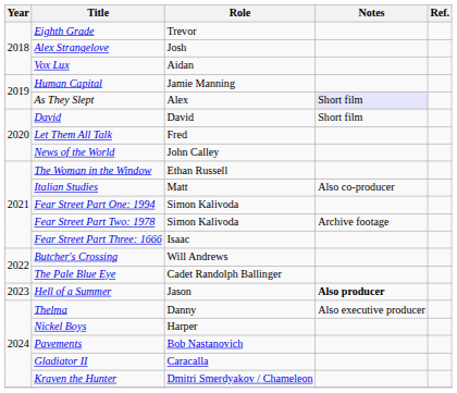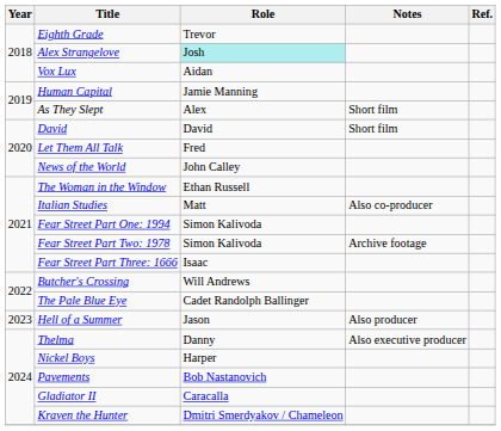 <table class="wikitable sortable">
 <tr>
 <th>Year</th>
 <th>Title</th>
 <th>Role</th>
 <th class=unsortable>Notes</th>
 <th>Ref.</th>
 </tr>
 <tr>
 <td rowspan="3">2018</td>
 <td><em><a href='#'>Eighth Grade</a></em></td>
 <td>Trevor</td>
 <td></td>
 <td></td>
 </tr>
 <tr>
 <td><em><a href='#'>Alex Strangelove</a></em></td>
-<td>Josh</td>
+<td style="background: paleturquoise;">Josh</td>
 <td></td>
 <td></td>
 </tr>
 <tr>
 <td><em><a href='#'>Vox Lux</a></em></td>
 <td>Aidan</td>
 <td></td>
 <td></td>
 </tr>
 <tr>
 <td rowspan="2">2019</td>
 <td><em><a href='#'>Human Capital</a></em></td>
 <td>Jamie Manning</td>
 <td></td>
 <td></td>
 </tr>
 <tr>
 <td><em>As They Slept</em></td>
 <td>Alex</td>
-<td style="background: lavender;">Short film</td>
+<td>Short film</td>
 <td></td>
 </tr>
 <tr>
 <td rowspan="3">2020</td>
 <td><em><a href='#'>David</a></em></td>
 <td>David</td>
 <td>Short film</td>
 <td></td>
 </tr>
 <tr>
 <td><em><a href='#'>Let Them All Talk</a></em></td>
 <td>Fred</td>
 <td></td>
 <td></td>
 </tr>
 <tr>
 <td><em><a href='#'>News of the World</a></em></td>
 <td>John Calley</td>
 <td></td>
 <td></td>
 </tr>
 <tr>
 <td rowspan="5">2021</td>
 <td><em><a href='#'>The Woman in the Window</a></em></td>
 <td>Ethan Russell</td>
 <td></td>
 <td></td>
 </tr>
 <tr>
 <td><em><a href='#'>Italian Studies</a></em></td>
 <td>Matt</td>
 <td>Also co-producer</td>
 <td></td>
 </tr>
 <tr>
 <td><em><a href='#'>Fear Street Part One: 1994</a></em></td>
 <td>Simon Kalivoda</td>
 <td></td>
 <td></td>
 </tr>
 <tr>
 <td><em><a href='#'>Fear Street Part Two: 1978</a></em></td>
 <td>Simon Kalivoda</td>
 <td>Archive footage</td>
 <td></td>
 </tr>
 <tr>
 <td><em><a href='#'>Fear Street Part Three: 1666</a></em></td>
 <td>Isaac</td>
 <td></td>
 <td></td>
 </tr>
 <tr>
 <td rowspan="2">2022</td>
 <td><em><a href='#'>Butcher's Crossing</a></em></td>
 <td>Will Andrews</td>
 <td></td>
 <td></td>
 </tr>
 <tr>
 <td><em><a href='#'>The Pale Blue Eye</a></em></td>
 <td>Cadet Randolph Ballinger</td>
 <td></td>
 <td></td>
 </tr>
 <tr>
 <td>2023</td>
 <td><em><a href='#'>Hell of a Summer</a></em></td>
 <td>Jason</td>
-<td><strong>Also producer</strong></td>
+<td>Also producer</td>
 <td></td>
 </tr>
 <tr>
 <td rowspan="5">2024</td>
 <td><em><a href='#'>Thelma</a></em></td>
 <td>Danny</td>
 <td>Also executive producer</td>
 <td></td>
 </tr>
 <tr>
 <td><em><a href='#'>Nickel Boys</a></em></td>
 <td>Harper</td>
 <td></td>
 <td></td>
 </tr>
 <tr>
 <td><em><a href='#'>Pavements</a></em></td>
 <td><a href='#'>Bob Nastanovich</a></td>
 <td></td>
 <td></td>
 </tr>
 <tr>
 <td><em><a href='#'>Gladiator II</a></em></td>
 <td><a href='#'>Caracalla</a></td>
 <td></td>
 <td></td>
 </tr>
 <tr>
 <td><em><a href='#'>Kraven the Hunter</a></em></td>
 <td><a href='#'>Dmitri Smerdyakov / Chameleon</a></td>
 <td></td>
 <td></td>
 </tr>
 <tr>
 </tr>
 </table>
